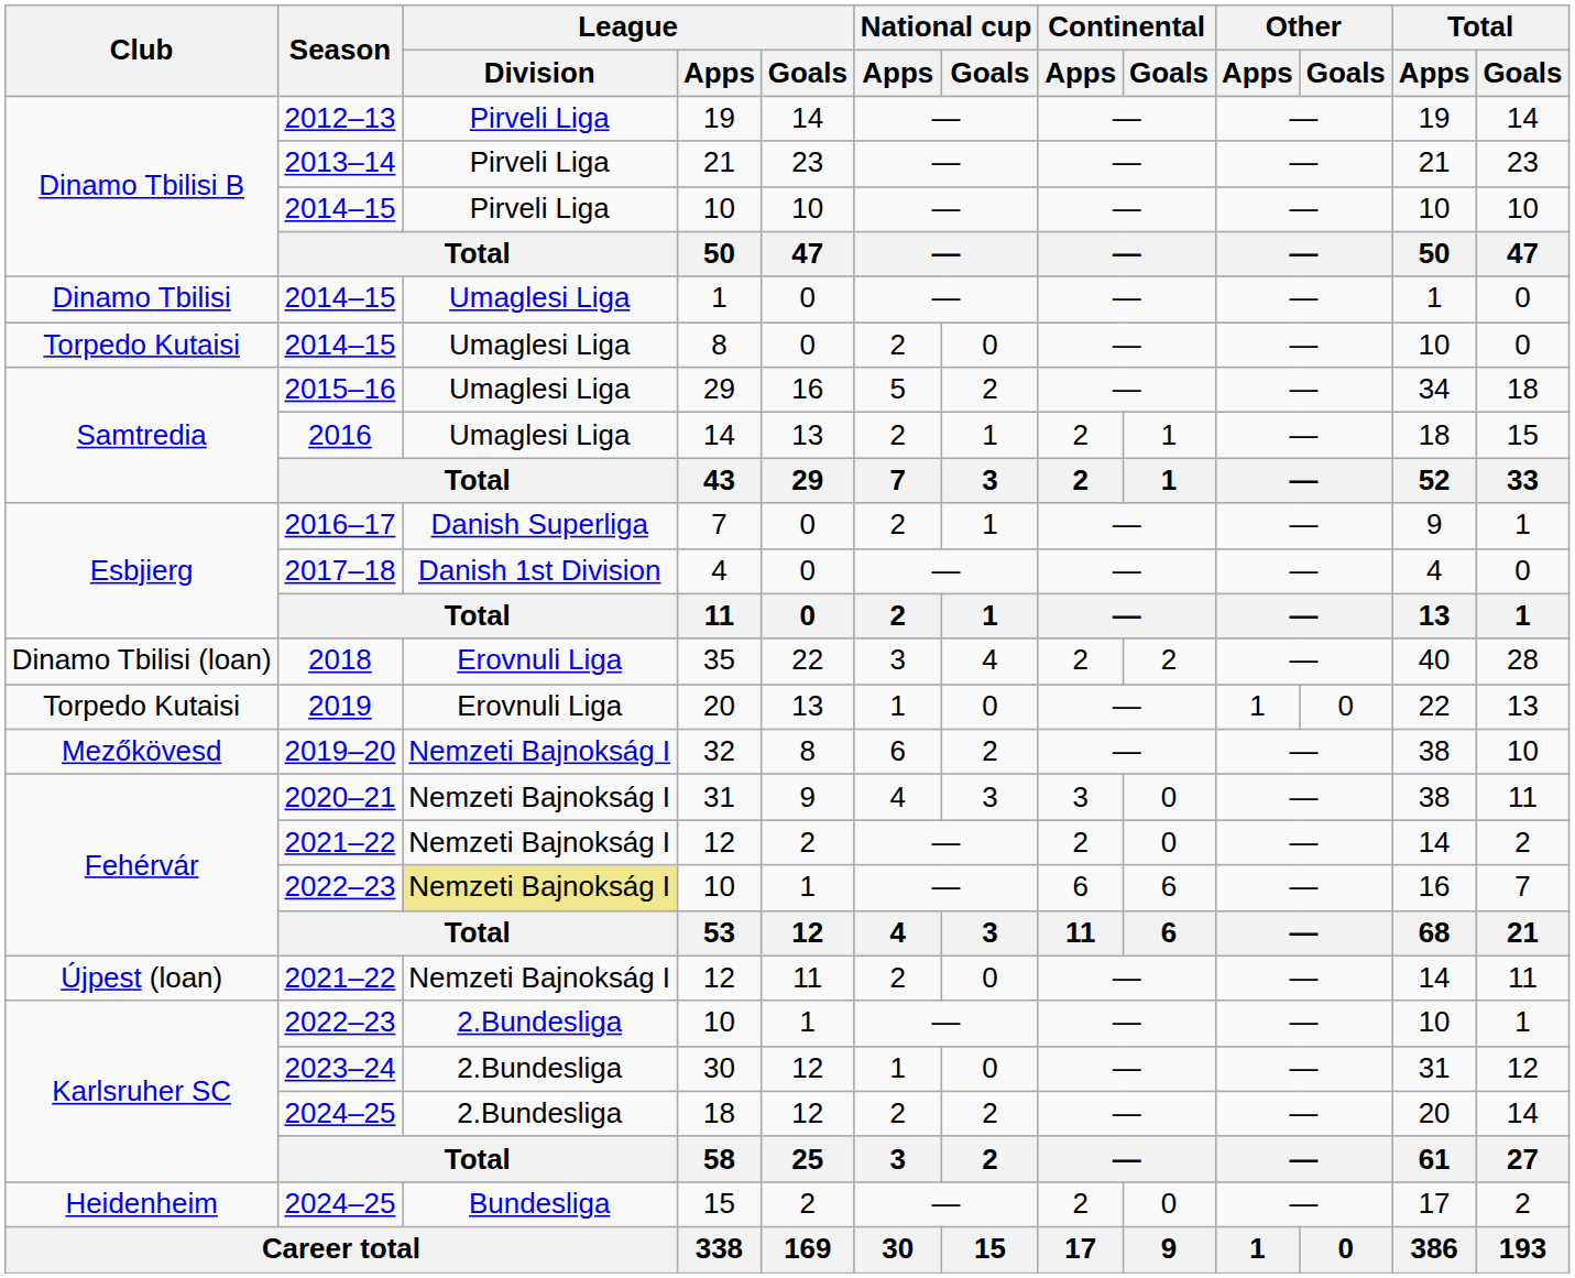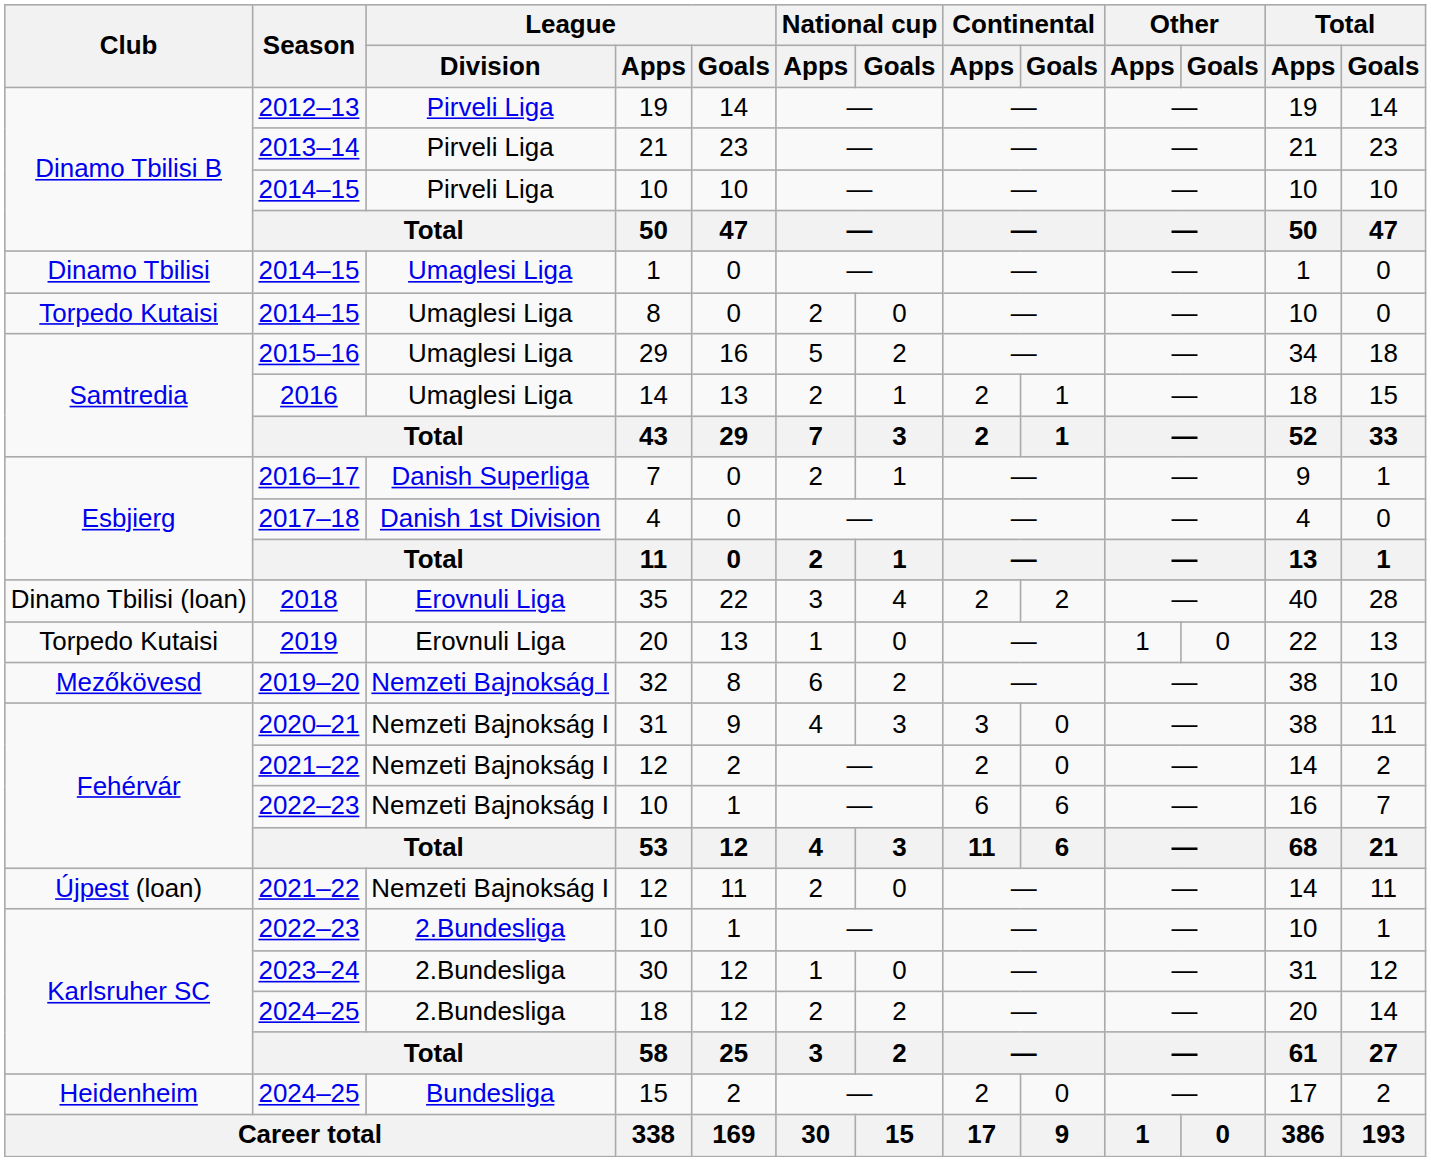 <table class="wikitable" style="text-align:center">
 <tr>
 <th rowspan="2">Club</th>
 <th rowspan="2">Season</th>
 <th colspan="3">League</th>
 <th colspan="2">National cup</th>
 <th colspan="2">Continental</th>
 <th colspan="2">Other</th>
 <th colspan="2">Total</th>
 </tr>
 <tr>
 <th>Division</th>
 <th>Apps</th>
 <th>Goals</th>
 <th>Apps</th>
 <th>Goals</th>
 <th>Apps</th>
 <th>Goals</th>
 <th>Apps</th>
 <th>Goals</th>
 <th>Apps</th>
 <th>Goals</th>
 </tr>
 <tr>
 <td rowspan="4"><a href='#'>Dinamo Tbilisi B</a></td>
 <td><a href='#'>2012–13</a></td>
 <td><a href='#'>Pirveli Liga</a></td>
 <td>19</td>
 <td>14</td>
 <td colspan="2">―</td>
 <td colspan="2">—</td>
 <td colspan="2">—</td>
 <td>19</td>
 <td>14</td>
 </tr>
 <tr>
 <td><a href='#'>2013–14</a></td>
 <td>Pirveli Liga</td>
 <td>21</td>
 <td>23</td>
 <td colspan="2">―</td>
 <td colspan="2">—</td>
 <td colspan="2">—</td>
 <td>21</td>
 <td>23</td>
 </tr>
 <tr>
 <td><a href='#'>2014–15</a></td>
 <td>Pirveli Liga</td>
 <td>10</td>
 <td>10</td>
 <td colspan="2">―</td>
 <td colspan="2">—</td>
 <td colspan="2">—</td>
 <td>10</td>
 <td>10</td>
 </tr>
 <tr>
 <th colspan="2">Total</th>
 <th>50</th>
 <th>47</th>
 <th colspan="2">―</th>
 <th colspan="2">—</th>
 <th colspan="2">—</th>
 <th>50</th>
 <th>47</th>
 </tr>
 <tr>
 <td><a href='#'>Dinamo Tbilisi</a></td>
 <td><a href='#'>2014–15</a></td>
 <td><a href='#'>Umaglesi Liga</a></td>
 <td>1</td>
 <td>0</td>
 <td colspan="2">―</td>
 <td colspan="2">—</td>
 <td colspan="2">—</td>
 <td>1</td>
 <td>0</td>
 </tr>
 <tr>
 <td><a href='#'>Torpedo Kutaisi</a></td>
 <td><a href='#'>2014–15</a></td>
 <td>Umaglesi Liga</td>
 <td>8</td>
 <td>0</td>
 <td>2</td>
 <td>0</td>
 <td colspan="2">—</td>
 <td colspan="2">—</td>
 <td>10</td>
 <td>0</td>
 </tr>
 <tr>
 <td rowspan="3"><a href='#'>Samtredia</a></td>
 <td><a href='#'>2015–16</a></td>
 <td>Umaglesi Liga</td>
 <td>29</td>
 <td>16</td>
 <td>5</td>
 <td>2</td>
 <td colspan="2">―</td>
 <td colspan="2">—</td>
 <td>34</td>
 <td>18</td>
 </tr>
 <tr>
 <td><a href='#'>2016</a></td>
 <td>Umaglesi Liga</td>
 <td>14</td>
 <td>13</td>
 <td>2</td>
 <td>1</td>
 <td>2</td>
 <td>1</td>
 <td colspan="2">—</td>
 <td>18</td>
 <td>15</td>
 </tr>
 <tr>
 <th colspan="2">Total</th>
 <th>43</th>
 <th>29</th>
 <th>7</th>
 <th>3</th>
 <th>2</th>
 <th>1</th>
 <th colspan="2">―</th>
 <th>52</th>
 <th>33</th>
 </tr>
 <tr>
 <td rowspan="3"><a href='#'>Esbjierg</a></td>
 <td><a href='#'>2016–17</a></td>
 <td><a href='#'>Danish Superliga</a></td>
 <td>7</td>
 <td>0</td>
 <td>2</td>
 <td>1</td>
 <td colspan="2">―</td>
 <td colspan="2">—</td>
 <td>9</td>
 <td>1</td>
 </tr>
 <tr>
 <td><a href='#'>2017–18</a></td>
 <td><a href='#'>Danish 1st Division</a></td>
 <td>4</td>
 <td>0</td>
 <td colspan="2">―</td>
 <td colspan="2">—</td>
 <td colspan="2">—</td>
 <td>4</td>
 <td>0</td>
 </tr>
 <tr>
 <th colspan="2">Total</th>
 <th>11</th>
 <th>0</th>
 <th>2</th>
 <th>1</th>
 <th colspan="2">―</th>
 <th colspan="2">—</th>
 <th>13</th>
 <th>1</th>
 </tr>
 <tr>
 <td>Dinamo Tbilisi (loan)</td>
 <td><a href='#'>2018</a></td>
 <td><a href='#'>Erovnuli Liga</a></td>
 <td>35</td>
 <td>22</td>
 <td>3</td>
 <td>4</td>
 <td>2</td>
 <td>2</td>
 <td colspan="2">—</td>
 <td>40</td>
 <td>28</td>
 </tr>
 <tr>
 <td>Torpedo Kutaisi</td>
 <td><a href='#'>2019</a></td>
 <td>Erovnuli Liga</td>
 <td>20</td>
 <td>13</td>
 <td>1</td>
 <td>0</td>
 <td colspan="2">—</td>
 <td>1</td>
 <td>0</td>
 <td>22</td>
 <td>13</td>
 </tr>
 <tr>
 <td><a href='#'>Mezőkövesd</a></td>
 <td><a href='#'>2019–20</a></td>
 <td><a href='#'>Nemzeti Bajnokság I</a></td>
 <td>32</td>
 <td>8</td>
 <td>6</td>
 <td>2</td>
 <td colspan="2">—</td>
 <td colspan="2">—</td>
 <td>38</td>
 <td>10</td>
 </tr>
 <tr>
 <td rowspan="4"><a href='#'>Fehérvár</a></td>
 <td><a href='#'>2020–21</a></td>
 <td>Nemzeti Bajnokság I</td>
 <td>31</td>
 <td>9</td>
 <td>4</td>
 <td>3</td>
 <td>3</td>
 <td>0</td>
 <td colspan="2">—</td>
 <td>38</td>
 <td>11</td>
 </tr>
 <tr>
 <td><a href='#'>2021–22</a></td>
 <td>Nemzeti Bajnokság I</td>
 <td>12</td>
 <td>2</td>
 <td colspan="2">―</td>
 <td>2</td>
 <td>0</td>
 <td colspan="2">—</td>
 <td>14</td>
 <td>2</td>
 </tr>
 <tr>
 <td><a href='#'>2022–23</a></td>
-<td style="background: khaki;">Nemzeti Bajnokság I</td>
+<td>Nemzeti Bajnokság I</td>
 <td>10</td>
 <td>1</td>
 <td colspan="2">―</td>
 <td>6</td>
 <td>6</td>
 <td colspan="2">—</td>
 <td>16</td>
 <td>7</td>
 </tr>
 <tr>
 <th colspan="2">Total</th>
 <th>53</th>
 <th>12</th>
 <th>4</th>
 <th>3</th>
 <th>11</th>
 <th>6</th>
 <th colspan="2">—</th>
 <th>68</th>
 <th>21</th>
 </tr>
 <tr>
 <td><a href='#'>Újpest</a> (loan)</td>
 <td><a href='#'>2021–22</a></td>
 <td>Nemzeti Bajnokság I</td>
 <td>12</td>
 <td>11</td>
 <td>2</td>
 <td>0</td>
 <td colspan="2">—</td>
 <td colspan="2">—</td>
 <td>14</td>
 <td>11</td>
 </tr>
 <tr>
 <td rowspan="4"><a href='#'>Karlsruher SC</a></td>
 <td><a href='#'>2022–23</a></td>
 <td><a href='#'>2.Bundesliga</a></td>
 <td>10</td>
 <td>1</td>
 <td colspan="2">―</td>
 <td colspan="2">―</td>
 <td colspan="2">—</td>
 <td>10</td>
 <td>1</td>
 </tr>
 <tr>
 <td><a href='#'>2023–24</a></td>
 <td>2.Bundesliga</td>
 <td>30</td>
 <td>12</td>
 <td>1</td>
 <td>0</td>
 <td colspan="2">―</td>
 <td colspan="2">—</td>
 <td>31</td>
 <td>12</td>
 </tr>
 <tr>
 <td><a href='#'>2024–25</a></td>
 <td>2.Bundesliga</td>
 <td>18</td>
 <td>12</td>
 <td>2</td>
 <td>2</td>
 <td colspan="2">―</td>
 <td colspan="2">—</td>
 <td>20</td>
 <td>14</td>
 </tr>
 <tr>
 <th colspan="2">Total</th>
 <th>58</th>
 <th>25</th>
 <th>3</th>
 <th>2</th>
 <th colspan="2">—</th>
 <th colspan="2">—</th>
 <th>61</th>
 <th>27</th>
 </tr>
 <tr>
 <td><a href='#'>Heidenheim</a></td>
 <td><a href='#'>2024–25</a></td>
 <td><a href='#'>Bundesliga</a></td>
 <td>15</td>
 <td>2</td>
 <td colspan="2">―</td>
 <td>2</td>
 <td>0</td>
 <td colspan="2">―</td>
 <td>17</td>
 <td>2</td>
 </tr>
 <tr>
 <th colspan="3">Career total</th>
 <th>338</th>
 <th>169</th>
 <th>30</th>
 <th>15</th>
 <th>17</th>
 <th>9</th>
 <th>1</th>
 <th>0</th>
 <th>386</th>
 <th>193</th>
 </tr>
 </table>
